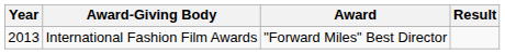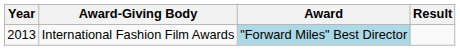 <table class="wikitable">
 <tr>
 <th>Year</th>
 <th>Award-Giving Body</th>
 <th>Award</th>
 <th>Result</th>
 </tr>
 <tr>
 <td rowspan="4">2013</td>
 <td rowspan="1">International Fashion Film Awards</td>
-<td>"Forward Miles" Best Director</td>
+<td style="background: lightblue;">"Forward Miles" Best Director</td>
 <td></td>
 </tr>
 </table>
